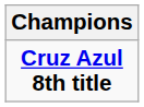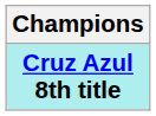 <table class="wikitable" style="text-align: center; margin: 0 auto;">
 <tr>
 <th>Champions</th>
 </tr>
 <tr>
-<td><strong><a href='#'>Cruz Azul</a></strong><br><strong>8th title</strong></td>
+<td style="background: paleturquoise;"><strong><a href='#'>Cruz Azul</a></strong><br><strong>8th title</strong></td>
 </tr>
 </table>
